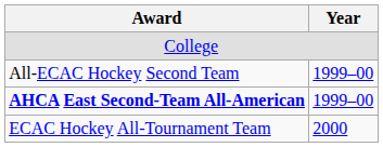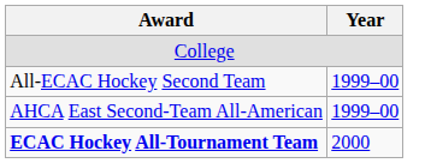 <table class="wikitable">
 <tr>
 <th>Award</th>
 <th>Year</th>
 </tr>
 <tr ALIGN="center" bgcolor="#e0e0e0">
 <td colspan="3"><a href='#'>College</a></td>
 </tr>
 <tr>
 <td>All-<a href='#'>ECAC Hockey</a> <a href='#'>Second Team</a></td>
 <td><a href='#'>1999–00</a></td>
 </tr>
 <tr>
-<td><strong><a href='#'>AHCA</a> <a href='#'>East Second-Team All-American</a></strong></td>
+<td><a href='#'>AHCA</a> <a href='#'>East Second-Team All-American</a></td>
 <td><a href='#'>1999–00</a></td>
 </tr>
 <tr>
-<td><a href='#'>ECAC Hockey</a> <a href='#'>All-Tournament Team</a></td>
+<td><strong><a href='#'>ECAC Hockey</a> <a href='#'>All-Tournament Team</a></strong></td>
 <td><a href='#'>2000</a></td>
 </tr>
 <tr>
 </tr>
 </table>
